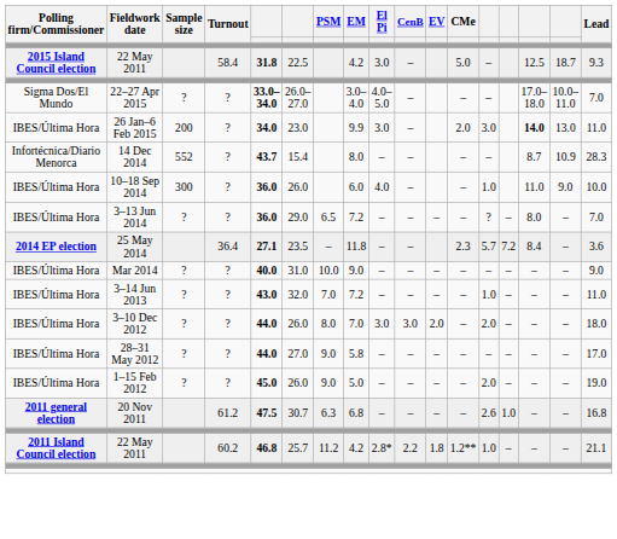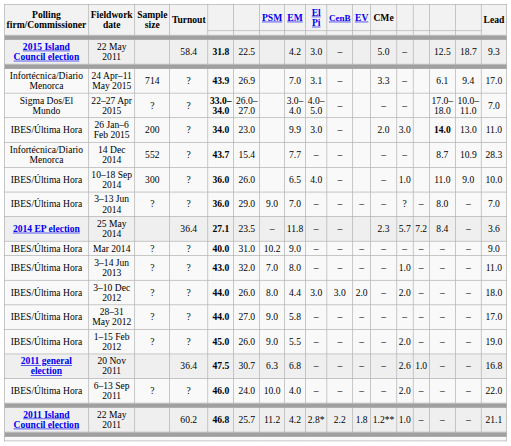 <table class="wikitable collapsible collapsed" style="text-align:center; font-size:95%; line-height:16px;">
 <tr style="height:42px;">
 <th style="width:250px;" rowspan="2">Polling firm/Commissioner</th>
 <th style="width:125px;" rowspan="2">Fieldwork date</th>
 <th style="width:50px;" rowspan="2">Sample size</th>
 <th style="width:45px;" rowspan="2">Turnout</th>
 <th style="width:35px;"></th>
 <th style="width:35px;"></th>
 <th style="width:35px;"><a href='#'>PSM</a></th>
 <th style="width:35px;"><a href='#'>EM</a></th>
 <th style="width:35px;"><a href='#'>El Pi</a></th>
 <th style="width:35px; font-size:95%;"><a href='#'>CenB</a></th>
 <th style="width:35px;"><a href='#'>EV</a></th>
 <th style="width:35px;">CMe</th>
 <th style="width:35px;"></th>
 <th style="width:35px;"></th>
 <th style="width:35px;"></th>
 <th style="width:35px;"></th>
 <th style="width:30px;" rowspan="2">Lead</th>
 </tr>
 <tr>
 <th style="color:inherit;background:"></th>
 <th style="color:inherit;background:"></th>
 <th style="color:inherit;background:"></th>
 <th style="color:inherit;background:"></th>
 <th style="color:inherit;background:"></th>
 <th style="color:inherit;background:"></th>
 <th style="color:inherit;background:"></th>
 <th style="color:inherit;background:"></th>
 <th style="color:inherit;background:"></th>
 <th style="color:inherit;background:"></th>
 <th style="color:inherit;background:"></th>
 <th style="color:inherit;background:"></th>
 </tr>
 <tr>
 <td colspan="17" style="background:#A0A0A0"></td>
 </tr>
 <tr style="background:#EFEFEF;">
 <td><strong><a href='#'>2015 Island Council election</a></strong></td>
 <td>22 May 2011</td>
 <td></td>
 <td>58.4</td>
 <td><strong>31.8</strong><br></td>
 <td>22.5<br></td>
 <td></td>
 <td>4.2<br></td>
 <td>3.0<br></td>
 <td>–</td>
 <td></td>
 <td>5.0<br></td>
 <td>–</td>
 <td></td>
 <td>12.5<br></td>
 <td>18.7<br></td>
 <td style="background:">9.3</td>
 </tr>
 <tr>
 <td colspan="17" style="background:#A0A0A0"></td>
 </tr>
 <tr>
+<td>Infortécnica/Diario Menorca</td>
+<td>24 Apr–11 May 2015</td>
+<td>714</td>
+<td>?</td>
+<td><strong>43.9</strong><br></td>
+<td>26.9<br></td>
+<td></td>
+<td>7.0<br></td>
+<td>3.1<br></td>
+<td>–</td>
+<td></td>
+<td>3.3<br></td>
+<td>–</td>
+<td></td>
+<td>6.1<br></td>
+<td>9.4<br></td>
+<td style="background:">17.0</td>
+</tr>
+<tr>
 <td>Sigma Dos/El Mundo</td>
 <td>22–27 Apr 2015</td>
 <td>?</td>
 <td>?</td>
 <td><strong>33.0–<br>34.0</strong><br></td>
 <td>26.0–<br>27.0<br></td>
 <td></td>
 <td>3.0–<br>4.0<br></td>
 <td>4.0–<br>5.0<br></td>
 <td>–</td>
 <td></td>
 <td>–</td>
 <td>–</td>
 <td></td>
 <td>17.0–<br>18.0<br></td>
 <td>10.0–<br>11.0<br></td>
 <td style="background:">7.0</td>
 </tr>
 <tr>
 <td>IBES/Última Hora</td>
 <td>26 Jan–6 Feb 2015</td>
 <td>200</td>
 <td>?</td>
 <td><strong>34.0</strong><br></td>
 <td>23.0<br></td>
 <td></td>
 <td>9.9<br></td>
 <td>3.0<br></td>
 <td>–</td>
 <td></td>
 <td>2.0<br></td>
 <td>3.0<br></td>
 <td></td>
 <td><strong>14.0<br></strong></td>
 <td>13.0<br></td>
 <td style="background:">11.0</td>
 </tr>
 <tr>
 <td>Infortécnica/Diario Menorca</td>
 <td>14 Dec 2014</td>
 <td>552</td>
 <td>?</td>
 <td><strong>43.7</strong><br></td>
 <td>15.4<br></td>
 <td></td>
-<td>8.0<br></td>
+<td>7.7<br></td>
 <td>–</td>
 <td>–</td>
 <td></td>
 <td>–</td>
 <td>–</td>
 <td></td>
 <td>8.7<br></td>
 <td>10.9<br></td>
 <td style="background:">28.3</td>
 </tr>
 <tr>
 <td>IBES/Última Hora</td>
 <td>10–18 Sep 2014</td>
 <td>300</td>
 <td>?</td>
 <td><strong>36.0</strong><br></td>
 <td>26.0<br></td>
 <td></td>
-<td>6.0<br></td>
+<td>6.5<br></td>
 <td>4.0<br></td>
 <td>–</td>
 <td></td>
 <td>–</td>
 <td>1.0<br></td>
 <td></td>
 <td>11.0<br></td>
 <td>9.0<br></td>
 <td style="background:">10.0</td>
 </tr>
 <tr>
 <td>IBES/Última Hora</td>
 <td>3–13 Jun 2014</td>
 <td>?</td>
 <td>?</td>
 <td><strong>36.0</strong><br></td>
 <td>29.0<br></td>
-<td>6.5<br></td>
-<td>7.2<br></td>
+<td>9.0<br></td>
+<td>7.0<br></td>
 <td>–</td>
 <td>–</td>
 <td>–</td>
 <td>–</td>
 <td>?<br></td>
 <td>–</td>
 <td>8.0<br></td>
 <td>–</td>
 <td style="background:">7.0</td>
 </tr>
 <tr style="background:#EFEFEF;">
 <td><strong><a href='#'>2014 EP election</a></strong></td>
 <td>25 May 2014</td>
 <td></td>
 <td>36.4</td>
 <td><strong>27.1</strong><br></td>
 <td>23.5<br></td>
 <td>–</td>
 <td>11.8<br></td>
 <td>–</td>
 <td>–</td>
 <td></td>
 <td>2.3<br></td>
 <td>5.7<br></td>
 <td>7.2<br></td>
 <td>8.4<br></td>
 <td>–</td>
 <td style="background:">3.6</td>
 </tr>
 <tr>
 <td>IBES/Última Hora</td>
 <td>Mar 2014</td>
 <td>?</td>
 <td>?</td>
 <td><strong>40.0</strong></td>
 <td>31.0</td>
-<td>10.0</td>
+<td>10.2</td>
 <td>9.0</td>
 <td>–</td>
 <td>–</td>
 <td>–</td>
 <td>–</td>
 <td>–</td>
 <td>–</td>
 <td>–</td>
 <td>–</td>
 <td style="background:">9.0</td>
 </tr>
 <tr>
 <td>IBES/Última Hora</td>
 <td>3–14 Jun 2013</td>
 <td>?</td>
 <td>?</td>
 <td><strong>43.0</strong><br></td>
 <td>32.0<br></td>
 <td>7.0<br></td>
-<td>7.2<br></td>
+<td>8.0<br></td>
 <td>–</td>
 <td>–</td>
 <td>–</td>
 <td>–</td>
 <td>1.0<br></td>
 <td>–</td>
 <td>–</td>
 <td>–</td>
 <td style="background:">11.0</td>
 </tr>
 <tr>
 <td>IBES/Última Hora</td>
 <td>3–10 Dec 2012</td>
 <td>?</td>
 <td>?</td>
 <td><strong>44.0</strong><br></td>
 <td>26.0<br></td>
 <td>8.0<br></td>
-<td>7.0<br></td>
+<td>4.4<br></td>
 <td>3.0<br></td>
 <td>3.0<br></td>
 <td>2.0<br></td>
 <td>–</td>
 <td>2.0<br></td>
 <td>–</td>
 <td>–</td>
 <td>–</td>
 <td style="background:">18.0</td>
 </tr>
 <tr>
 <td>IBES/Última Hora</td>
 <td>28–31 May 2012</td>
 <td>?</td>
 <td>?</td>
 <td><strong>44.0</strong></td>
 <td>27.0</td>
 <td>9.0</td>
 <td>5.8</td>
 <td>–</td>
 <td>–</td>
 <td>–</td>
 <td>–</td>
 <td>–</td>
 <td>–</td>
 <td>–</td>
 <td>–</td>
 <td style="background:">17.0</td>
 </tr>
 <tr>
 <td>IBES/Última Hora</td>
 <td>1–15 Feb 2012</td>
 <td>?</td>
 <td>?</td>
 <td><strong>45.0</strong></td>
 <td>26.0</td>
 <td>9.0</td>
-<td>5.0</td>
+<td>5.5</td>
 <td>–</td>
 <td>–</td>
 <td>–</td>
 <td>–</td>
 <td>2.0</td>
 <td>–</td>
 <td>–</td>
 <td>–</td>
 <td style="background:">19.0</td>
 </tr>
 <tr style="background:#EFEFEF;">
 <td><strong><a href='#'>2011 general election</a></strong></td>
 <td>20 Nov 2011</td>
 <td></td>
-<td>61.2</td>
+<td>36.4</td>
 <td><strong>47.5</strong><br></td>
 <td>30.7<br></td>
 <td>6.3<br></td>
 <td>6.8<br></td>
 <td>–</td>
 <td>–</td>
 <td>–</td>
 <td>–</td>
 <td>2.6<br></td>
 <td>1.0<br></td>
 <td>–</td>
 <td>–</td>
 <td style="background:">16.8</td>
+</tr>
+<tr>
+<td>IBES/Última Hora</td>
+<td>6–13 Sep 2011</td>
+<td>?</td>
+<td>?</td>
+<td><strong>46.0</strong></td>
+<td>24.0</td>
+<td>10.0</td>
+<td>4.0</td>
+<td>–</td>
+<td>–</td>
+<td>–</td>
+<td>–</td>
+<td>2.0</td>
+<td>–</td>
+<td>–</td>
+<td>–</td>
+<td style="background:">22.0</td>
 </tr>
 <tr>
 <td colspan="17" style="background:#A0A0A0"></td>
 </tr>
 <tr style="background:#EFEFEF;">
 <td><strong><a href='#'>2011 Island Council election</a></strong></td>
 <td>22 May 2011</td>
 <td></td>
 <td>60.2</td>
 <td><strong>46.8</strong><br></td>
 <td>25.7<br></td>
 <td>11.2<br></td>
 <td>4.2<br></td>
 <td>2.8*<br></td>
 <td>2.2<br></td>
 <td>1.8<br></td>
 <td>1.2**<br></td>
 <td>1.0<br></td>
 <td>–</td>
 <td>–</td>
 <td>–</td>
 <td style="background:">21.1</td>
 </tr>
 <tr>
 <td colspan="17" style="background:#A0A0A0"></td>
 </tr>
 <tr>
 <td align="left" colspan="17"></td>
 </tr>
 </table>
